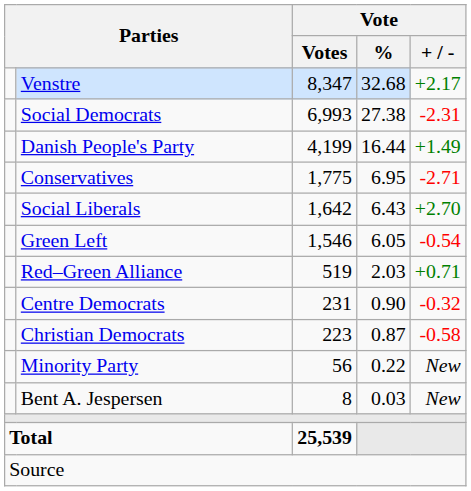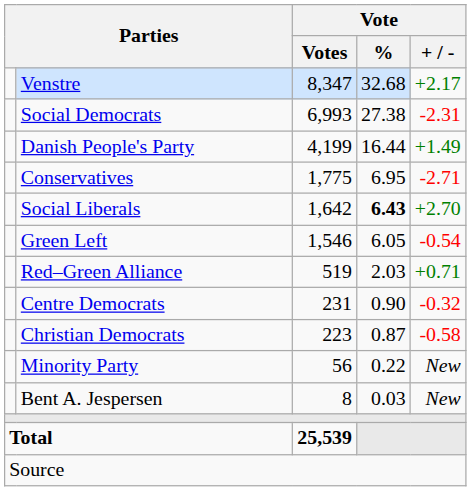 <table class="wikitable" style="text-align:right;">
 <tr>
 <th style="text-align:centre;" rowspan="2" colspan="2" width="225">Parties</th>
 <th colspan="3">Vote</th>
 </tr>
 <tr>
 <th width="15">Votes</th>
 <th width="15">%</th>
 <th width="15">+ / -</th>
 </tr>
 <tr>
 <td width="2" style="color:inherit;background:"></td>
 <td bgcolor=#cfe5fe  align="left"><a href='#'>Venstre</a></td>
 <td bgcolor=#cfe5fe>8,347</td>
 <td bgcolor=#cfe5fe>32.68</td>
 <td style=color:green;>+2.17</td>
 </tr>
 <tr>
 <td width="2" style="color:inherit;background:"></td>
 <td align="left"><a href='#'>Social Democrats</a></td>
 <td>6,993</td>
 <td>27.38</td>
 <td style=color:red;>-2.31</td>
 </tr>
 <tr>
 <td width="2" style="color:inherit;background:"></td>
 <td align="left"><a href='#'>Danish People's Party</a></td>
 <td>4,199</td>
 <td>16.44</td>
 <td style=color:green;>+1.49</td>
 </tr>
 <tr>
 <td width="2" style="color:inherit;background:"></td>
 <td align="left"><a href='#'>Conservatives</a></td>
 <td>1,775</td>
 <td>6.95</td>
 <td style=color:red;>-2.71</td>
 </tr>
 <tr>
 <td width="2" style="color:inherit;background:"></td>
 <td align="left"><a href='#'>Social Liberals</a></td>
 <td>1,642</td>
-<td>6.43</td>
+<td><strong>6.43</strong></td>
 <td style=color:green;>+2.70</td>
 </tr>
 <tr>
 <td width="2" style="color:inherit;background:"></td>
 <td align="left"><a href='#'>Green Left</a></td>
 <td>1,546</td>
 <td>6.05</td>
 <td style=color:red;>-0.54</td>
 </tr>
 <tr>
 <td width="2" style="color:inherit;background:"></td>
 <td align="left"><a href='#'>Red–Green Alliance</a></td>
 <td>519</td>
 <td>2.03</td>
 <td style=color:green;>+0.71</td>
 </tr>
 <tr>
 <td width="2" style="color:inherit;background:"></td>
 <td align="left"><a href='#'>Centre Democrats</a></td>
 <td>231</td>
 <td>0.90</td>
 <td style=color:red;>-0.32</td>
 </tr>
 <tr>
 <td width="2" style="color:inherit;background:"></td>
 <td align="left"><a href='#'>Christian Democrats</a></td>
 <td>223</td>
 <td>0.87</td>
 <td style=color:red;>-0.58</td>
 </tr>
 <tr>
 <td width="2" style="color:inherit;background:"></td>
 <td align="left"><a href='#'>Minority Party</a></td>
 <td>56</td>
 <td>0.22</td>
 <td><em>New</em></td>
 </tr>
 <tr>
 <td width="2" style="color:inherit;background:"></td>
 <td align="left">Bent A. Jespersen</td>
 <td>8</td>
 <td>0.03</td>
 <td><em>New</em></td>
 </tr>
 <tr>
 <td colspan="7" bgcolor="#E9E9E9"></td>
 </tr>
 <tr>
 <td align="left" colspan="2"><strong>Total</strong></td>
 <td><strong>25,539</strong></td>
 <td bgcolor="#E9E9E9" colspan="2"></td>
 </tr>
 <tr>
 <td align="left" colspan="6">Source</td>
 </tr>
 </table>
